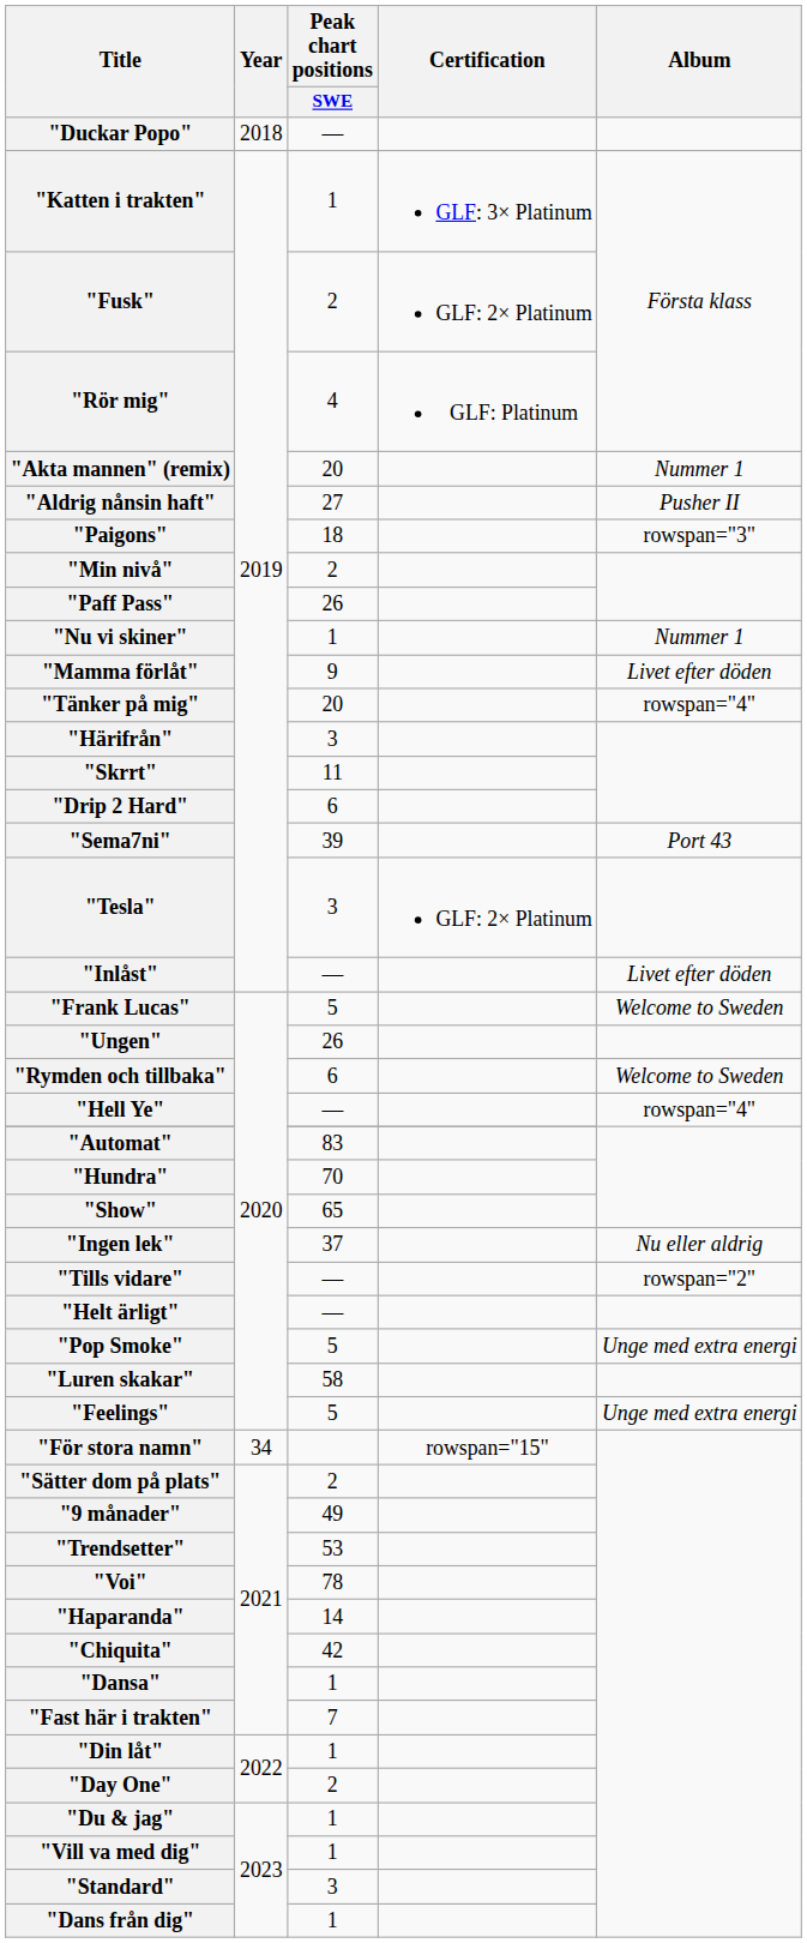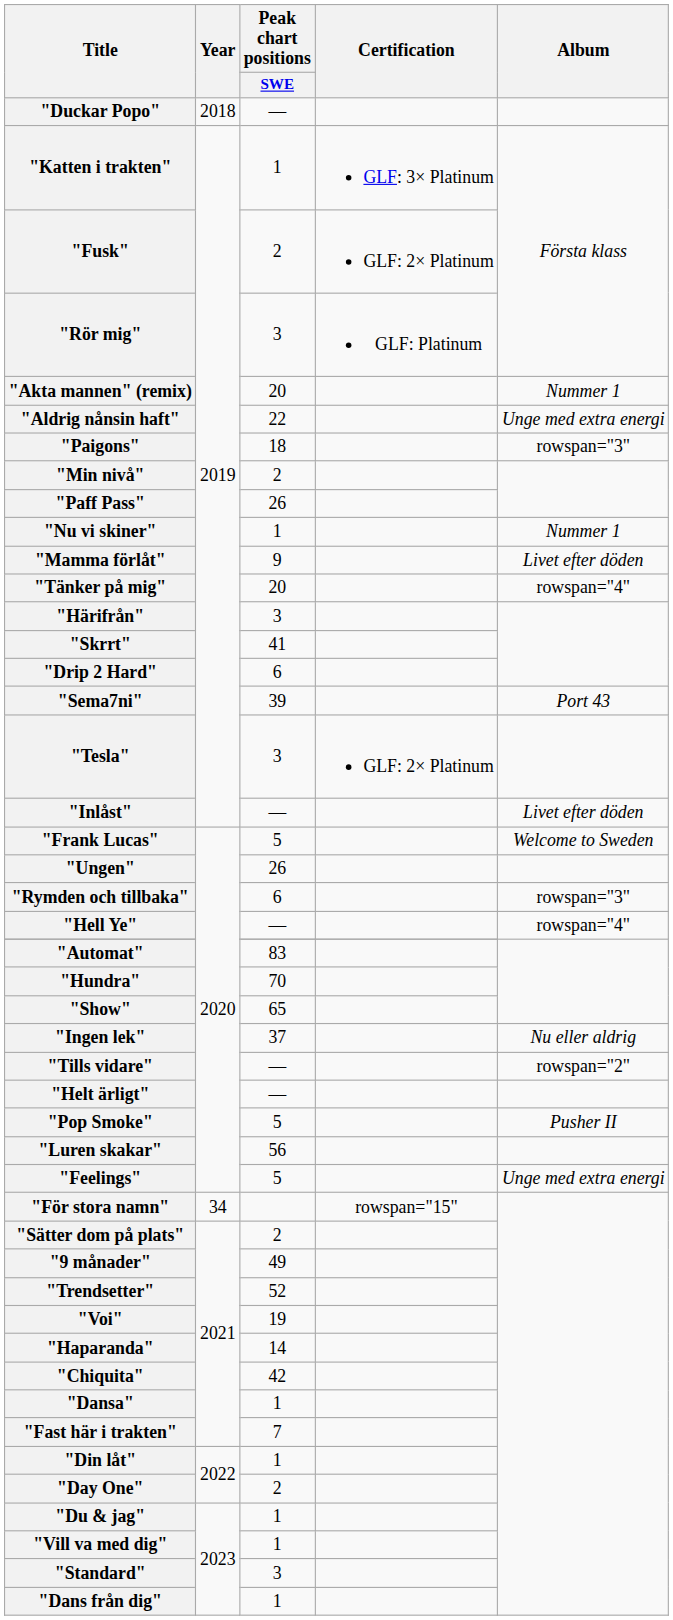 <table class="wikitable plainrowheaders" style="text-align:center;">
 <tr>
 <th scope="col" rowspan="2">Title</th>
 <th scope="col" rowspan="2">Year</th>
 <th scope="col" colspan="1">Peak chart positions</th>
 <th scope="col" rowspan="2">Certification</th>
 <th scope="col" rowspan="2">Album</th>
 </tr>
 <tr>
 <th scope="col" style="width:3em;font-size:85%;"><a href='#'>SWE</a><br></th>
 </tr>
 <tr>
 <th scope="row">"Duckar Popo"</th>
 <td>2018</td>
 <td>—</td>
 <td></td>
 <td></td>
 </tr>
 <tr>
 <th scope="row">"Katten i trakten"</th>
 <td rowspan="17">2019</td>
 <td>1</td>
 <td><br><ul><li><a href='#'>GLF</a>: 3× Platinum</li></ul></td>
 <td rowspan="3"><em>Första klass</em></td>
 </tr>
 <tr>
 <th scope="row">"Fusk"<br></th>
 <td>2<br></td>
 <td><br><ul><li>GLF: 2× Platinum</li></ul></td>
 </tr>
 <tr>
 <th scope="row">"Rör mig"</th>
-<td>4</td>
+<td>3</td>
 <td><br><ul><li>GLF: Platinum</li></ul></td>
 </tr>
 <tr>
 <th scope="row">"Akta mannen" (remix)<br></th>
 <td>20<br></td>
 <td></td>
 <td><em>Nummer 1</em></td>
 </tr>
 <tr>
 <th scope="row">"Aldrig nånsin haft"<br></th>
-<td>27<br></td>
+<td>22<br></td>
 <td></td>
-<td><em>Pusher II</em></td>
+<td><em>Unge med extra energi</em></td>
 </tr>
 <tr>
 <th scope="row">"Paigons"<br></th>
 <td>18<br></td>
 <td></td>
 <td>rowspan="3" </td>
 </tr>
 <tr>
 <th scope="row">"Min nivå"<br></th>
 <td>2</td>
 <td></td>
 </tr>
 <tr>
 <th scope="row">"Paff Pass"<br></th>
 <td>26<br></td>
 <td></td>
 </tr>
 <tr>
 <th scope="row">"Nu vi skiner"</th>
 <td>1</td>
 <td></td>
 <td><em>Nummer 1</em></td>
 </tr>
 <tr>
 <th scope="row">"Mamma förlåt"<br></th>
 <td>9</td>
 <td></td>
 <td><em>Livet efter döden</em></td>
 </tr>
 <tr>
 <th scope="row">"Tänker på mig"<br></th>
 <td>20<br></td>
 <td></td>
 <td>rowspan="4" </td>
 </tr>
 <tr>
 <th scope="row">"Härifrån"<br></th>
 <td>3<br></td>
 <td></td>
 </tr>
 <tr>
 <th scope="row">"Skrrt"<br></th>
-<td>11<br></td>
+<td>41<br></td>
 <td></td>
 </tr>
 <tr>
 <th scope="row">"Drip 2 Hard"</th>
 <td>6</td>
 <td></td>
 </tr>
 <tr>
 <th scope="row">"Sema7ni"<br></th>
 <td>39<br></td>
 <td></td>
 <td><em>Port 43</em></td>
 </tr>
 <tr>
 <th scope="row">"Tesla"<br></th>
 <td>3</td>
 <td><br><ul><li>GLF: 2× Platinum</li></ul></td>
 <td></td>
 </tr>
 <tr>
 <th scope="row">"Inlåst"<br></th>
 <td>—</td>
 <td></td>
 <td><em>Livet efter döden</em></td>
 </tr>
 <tr>
 <th scope="row">"Frank Lucas"</th>
 <td rowspan="14">2020</td>
 <td>5</td>
 <td></td>
 <td><em>Welcome to Sweden</em></td>
 </tr>
 <tr>
 <th scope="row">"Ungen"<br></th>
 <td>26<br></td>
 <td></td>
 <td></td>
 </tr>
 <tr>
 <th scope="row">"Rymden och tillbaka"<br></th>
 <td>6<br></td>
 <td></td>
-<td><em>Welcome to Sweden</em></td>
+<td>rowspan="3" </td>
 </tr>
 <tr>
 <th scope="row">"Hell Ye"<br></th>
 <td>—</td>
 <td></td>
 <td>rowspan="4" </td>
 </tr>
 <tr>
 </tr>
 <tr>
 <th scope="row">"Automat"<br></th>
 <td>83<br></td>
 <td></td>
 </tr>
 <tr>
 <th scope="row">"Hundra"<br></th>
 <td>70<br></td>
 <td></td>
 </tr>
 <tr>
 <th scope="row">"Show"<br></th>
 <td>65<br></td>
 <td></td>
 </tr>
 <tr>
 <th scope="row">"Ingen lek"<br></th>
 <td>37<br></td>
 <td></td>
 <td><em>Nu eller aldrig</em></td>
 </tr>
 <tr>
 <th scope="row">"Tills vidare"<br></th>
 <td>—</td>
 <td></td>
 <td>rowspan="2" </td>
 </tr>
 <tr>
 <th scope="row">"Helt ärligt"<br></th>
 <td>—</td>
 <td></td>
 </tr>
 <tr>
 <th scope="row">"Pop Smoke"<br></th>
 <td>5<br></td>
 <td></td>
-<td><em>Unge med extra energi</em></td>
+<td><em>Pusher II</em></td>
 </tr>
 <tr>
 <th scope="row">"Luren skakar"<br></th>
-<td>58<br></td>
+<td>56<br></td>
 <td></td>
 <td></td>
 </tr>
 <tr>
 <th scope="row">"Feelings"<br></th>
 <td>5</td>
 <td></td>
 <td><em>Unge med extra energi</em></td>
 </tr>
 <tr>
 <th scope="row">"För stora namn"<br></th>
 <td>34<br></td>
 <td></td>
 <td>rowspan="15" </td>
 </tr>
 <tr>
 <th scope="row">"Sätter dom på plats"</th>
 <td rowspan="8">2021</td>
 <td>2</td>
 <td></td>
 </tr>
 <tr>
 <th scope="row">"9 månader"<br></th>
 <td>49<br></td>
 <td></td>
 </tr>
 <tr>
 <th scope="row">"Trendsetter"<br></th>
-<td>53<br></td>
+<td>52<br></td>
 <td></td>
 </tr>
 <tr>
 <th scope="row">"Voi"<br></th>
-<td>78</td>
+<td>19</td>
 <td></td>
 </tr>
 <tr>
 <th scope="row">"Haparanda"</th>
 <td>14</td>
 <td></td>
 </tr>
 <tr>
 <th scope="row">"Chiquita"<br></th>
 <td>42<br></td>
 <td></td>
 </tr>
 <tr>
 <th scope="row">"Dansa"<br></th>
 <td>1</td>
 <td></td>
 </tr>
 <tr>
 <th scope="row">"Fast här i trakten"<br></th>
 <td>7</td>
 <td></td>
 </tr>
 <tr>
 <th scope="row">"Din låt"<br></th>
 <td rowspan="2">2022</td>
 <td>1</td>
 <td></td>
 </tr>
 <tr>
 <th scope="row">"Day One"</th>
 <td>2</td>
 <td></td>
 </tr>
 <tr>
 <th scope="row">"Du & jag"</th>
 <td rowspan="4">2023</td>
 <td>1</td>
 <td></td>
 </tr>
 <tr>
 <th scope="row">"Vill va med dig"</th>
 <td>1</td>
 <td></td>
 </tr>
 <tr>
 <th scope="row">"Standard"<br></th>
 <td>3</td>
 <td></td>
 </tr>
 <tr>
 <th scope="row">"Dans från dig"<br></th>
 <td>1<br></td>
 <td></td>
 </tr>
 </table>
